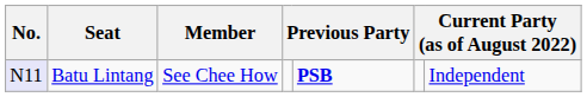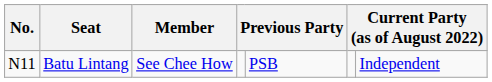 <table class="wikitable sortable mw-collapsible mw-collapsed" style="font-size:95%;">
 <tr>
 <th scope="col">No.</th>
 <th scope="col">Seat</th>
 <th scope="col">Member</th>
 <th colspan="2" scope="col">Previous Party</th>
 <th colspan="2" scope="col">Current Party<br>(as of August 2022)</th>
 </tr>
 <tr>
-<td style="background: lavender;">N11</td>
+<td>N11</td>
 <td><a href='#'>Batu Lintang</a></td>
 <td><a href='#'>See Chee How</a></td>
 <td width="1"></td>
-<td><strong><a href='#'>PSB</a></strong></td>
+<td><a href='#'>PSB</a></td>
 <td width="1"></td>
 <td><a href='#'>Independent</a></td>
 </tr>
 </table>
